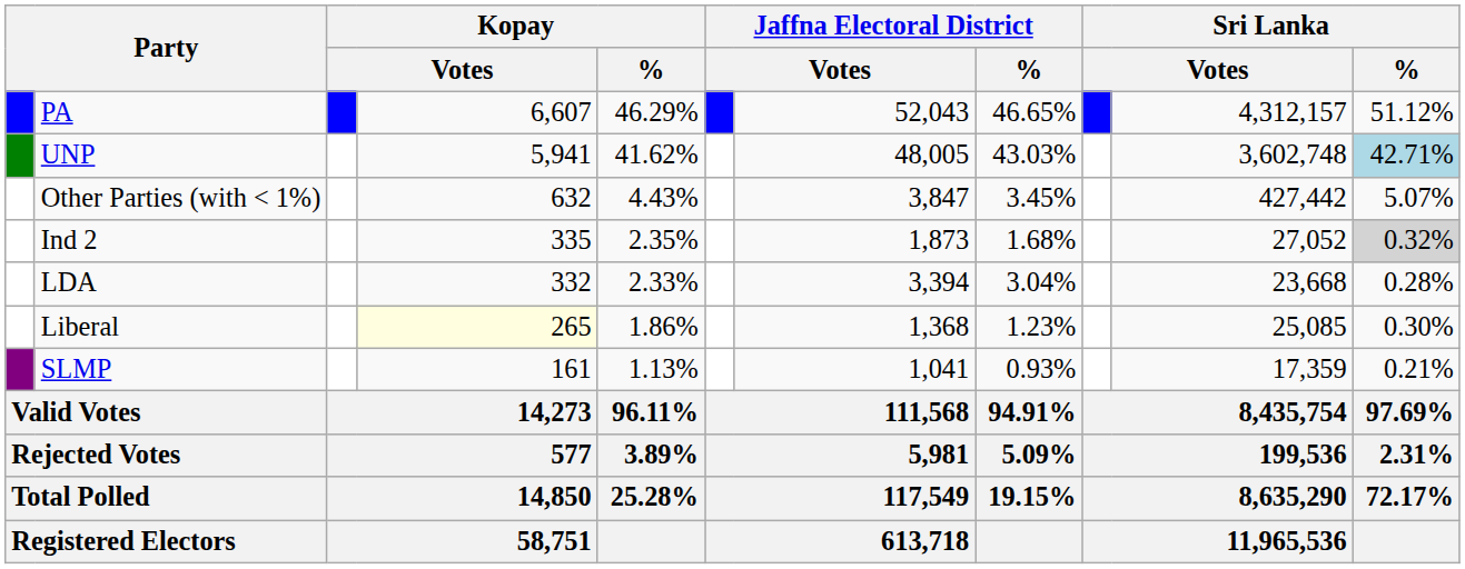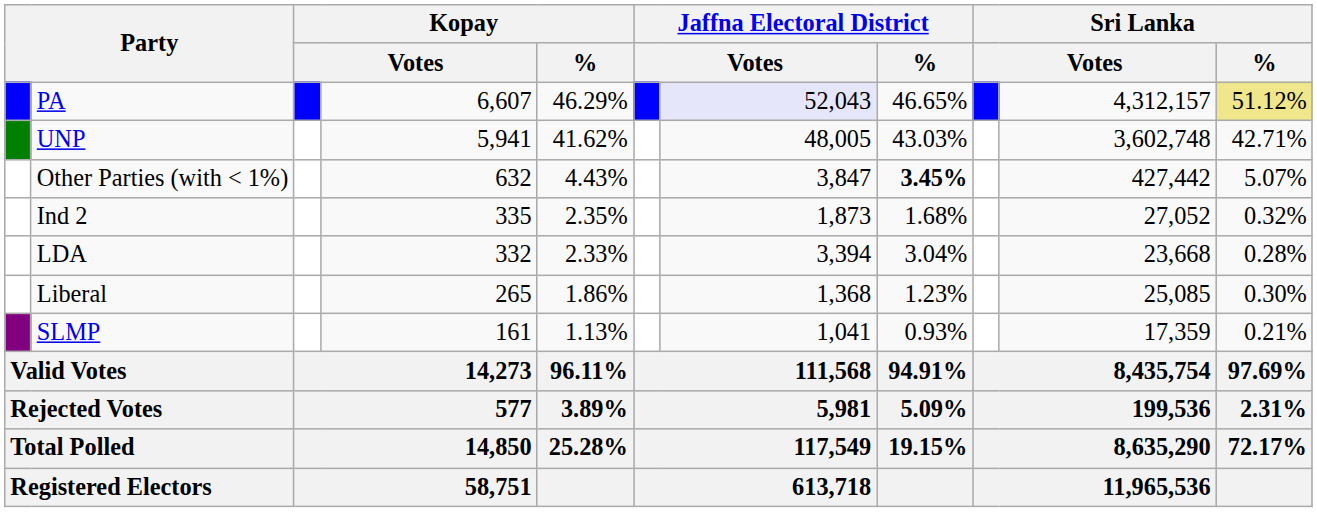 <table class="wikitable">
 <tr>
 <th colspan="2" width="144px"rowspan="2">Party</th>
 <th colspan="3" width="216px">Kopay</th>
 <th colspan="3" width="216px"><a href='#'>Jaffna Electoral District</a></th>
 <th colspan="3" width="216px">Sri Lanka</th>
 </tr>
 <tr>
 <th colspan="2" width="144px">Votes</th>
 <th>%</th>
 <th colspan="2" width="144px">Votes</th>
 <th>%</th>
 <th colspan="2" width="144px">Votes</th>
 <th>%</th>
 </tr>
 <tr>
 <td style="background-color:blue;" width="10px"></td>
 <td style="text-align:left;"><a href='#'>PA</a></td>
 <td style="background-color:blue;" width="10px"></td>
 <td style="text-align:right;">6,607</td>
 <td style="text-align:right;">46.29%</td>
 <td style="background-color:blue;" width="10px"></td>
-<td style="text-align:right;">52,043</td>
+<td style="background: lavender; text-align:right;">52,043</td>
 <td style="text-align:right;">46.65%</td>
 <td style="background-color:blue;" width="10px"></td>
 <td style="text-align:right;">4,312,157</td>
-<td style="text-align:right;">51.12%</td>
+<td style="background: khaki; text-align:right;">51.12%</td>
 </tr>
 <tr>
 <td style="background-color:green;" width="10px"></td>
 <td style="text-align:left;"><a href='#'>UNP</a></td>
 <td style="background-color:white;" width="10px"></td>
 <td style="text-align:right;">5,941</td>
 <td style="text-align:right;">41.62%</td>
 <td style="background-color:white;" width="10px"></td>
 <td style="text-align:right;">48,005</td>
 <td style="text-align:right;">43.03%</td>
 <td style="background-color:white;" width="10px"></td>
 <td style="text-align:right;">3,602,748</td>
-<td style="background: lightblue; text-align:right;">42.71%</td>
+<td style="text-align:right;">42.71%</td>
 </tr>
 <tr>
 <td style="background-color:white;" width="10px"></td>
 <td style="text-align:left;">Other Parties (with < 1%)</td>
 <td style="background-color:white;" width="10px"></td>
 <td style="text-align:right;">632</td>
 <td style="text-align:right;">4.43%</td>
 <td style="background-color:white;" width="10px"></td>
 <td style="text-align:right;">3,847</td>
-<td style="text-align:right;">3.45%</td>
+<td style="text-align:right;"><strong>3.45%</strong></td>
 <td style="background-color:white;" width="10px"></td>
 <td style="text-align:right;">427,442</td>
 <td style="text-align:right;">5.07%</td>
 </tr>
 <tr>
 <td style="background-color:white;" width="10px"></td>
 <td style="text-align:left;">Ind 2</td>
 <td style="background-color:white;" width="10px"></td>
 <td style="text-align:right;">335</td>
 <td style="text-align:right;">2.35%</td>
 <td style="background-color:white;" width="10px"></td>
 <td style="text-align:right;">1,873</td>
 <td style="text-align:right;">1.68%</td>
 <td style="background-color:white;" width="10px"></td>
 <td style="text-align:right;">27,052</td>
-<td style="background: lightgrey; text-align:right;">0.32%</td>
+<td style="text-align:right;">0.32%</td>
 </tr>
 <tr>
 <td style="background-color:white;" width="10px"></td>
 <td style="text-align:left;">LDA</td>
 <td style="background-color:white;" width="10px"></td>
 <td style="text-align:right;">332</td>
 <td style="text-align:right;">2.33%</td>
 <td style="background-color:white;" width="10px"></td>
 <td style="text-align:right;">3,394</td>
 <td style="text-align:right;">3.04%</td>
 <td style="background-color:white;" width="10px"></td>
 <td style="text-align:right;">23,668</td>
 <td style="text-align:right;">0.28%</td>
 </tr>
 <tr>
 <td style="background-color:white;" width="10px"></td>
 <td style="text-align:left;">Liberal</td>
 <td style="background-color:white;" width="10px"></td>
-<td style="background: lightyellow; text-align:right;">265</td>
+<td style="text-align:right;">265</td>
 <td style="text-align:right;">1.86%</td>
 <td style="background-color:white;" width="10px"></td>
 <td style="text-align:right;">1,368</td>
 <td style="text-align:right;">1.23%</td>
 <td style="background-color:white;" width="10px"></td>
 <td style="text-align:right;">25,085</td>
 <td style="text-align:right;">0.30%</td>
 </tr>
 <tr>
 <td style="background-color:purple;" width="10px"></td>
 <td style="text-align:left;"><a href='#'>SLMP</a></td>
 <td style="background-color:white;" width="10px"></td>
 <td style="text-align:right;">161</td>
 <td style="text-align:right;">1.13%</td>
 <td style="background-color:white;" width="10px"></td>
 <td style="text-align:right;">1,041</td>
 <td style="text-align:right;">0.93%</td>
 <td style="background-color:white;" width="10px"></td>
 <td style="text-align:right;">17,359</td>
 <td style="text-align:right;">0.21%</td>
 </tr>
 <tr>
 <th colspan="2" width="144px"style="text-align:left;">Valid Votes</th>
 <th style="text-align:right;"colspan="2" width="144px">14,273</th>
 <th style="text-align:right;">96.11%</th>
 <th style="text-align:right;"colspan="2" width="144px">111,568</th>
 <th style="text-align:right;">94.91%</th>
 <th style="text-align:right;"colspan="2" width="144px">8,435,754</th>
 <th style="text-align:right;">97.69%</th>
 </tr>
 <tr>
 <th colspan="2" width="144px"style="text-align:left;">Rejected Votes</th>
 <th style="text-align:right;"colspan="2" width="144px">577</th>
 <th style="text-align:right;">3.89%</th>
 <th style="text-align:right;"colspan="2" width="144px">5,981</th>
 <th style="text-align:right;">5.09%</th>
 <th style="text-align:right;"colspan="2" width="144px">199,536</th>
 <th style="text-align:right;">2.31%</th>
 </tr>
 <tr>
 <th colspan="2" width="144px"style="text-align:left;">Total Polled</th>
 <th style="text-align:right;"colspan="2" width="144px">14,850</th>
 <th style="text-align:right;">25.28%</th>
 <th style="text-align:right;"colspan="2" width="144px">117,549</th>
 <th style="text-align:right;">19.15%</th>
 <th style="text-align:right;"colspan="2" width="144px">8,635,290</th>
 <th style="text-align:right;">72.17%</th>
 </tr>
 <tr>
 <th colspan="2" width="144px"style="text-align:left;">Registered Electors</th>
 <th style="text-align:right;"colspan="2" width="144px">58,751</th>
 <th></th>
 <th style="text-align:right;"colspan="2" width="144px">613,718</th>
 <th></th>
 <th style="text-align:right;"colspan="2" width="144px">11,965,536</th>
 <th></th>
 </tr>
 </table>
